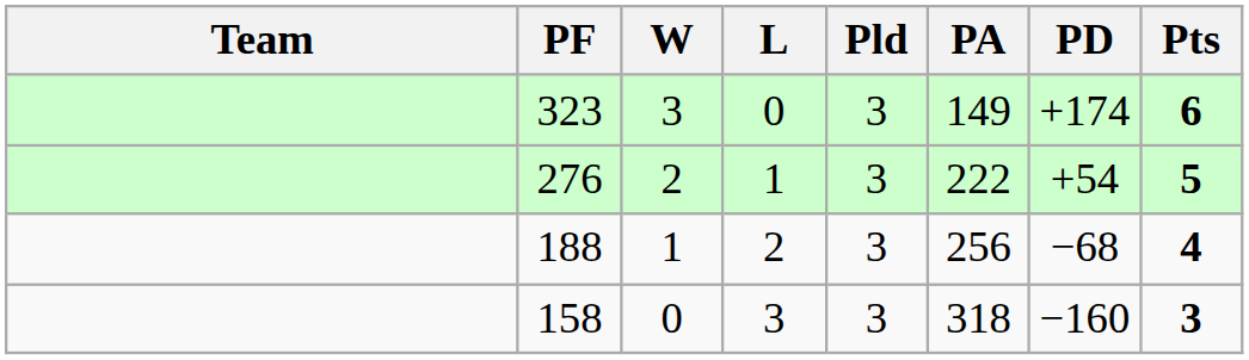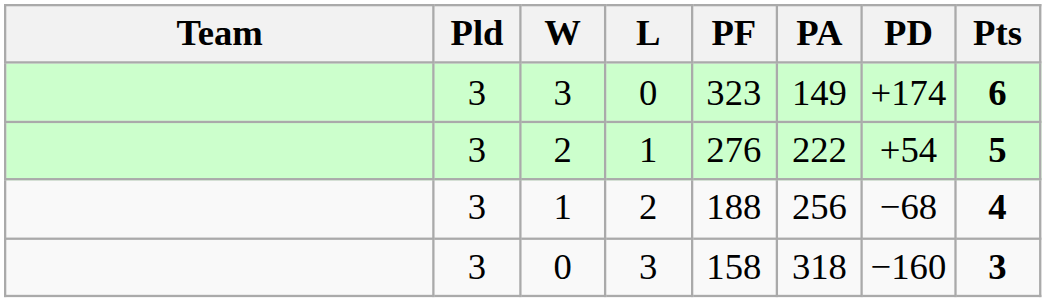 <table class="wikitable" style="text-align:center;">
 <tr>
 <th width=180>Team</th>
-<th width=30>PF</th>
+<th width=30>Pld</th>
 <th width=30>W</th>
 <th width=30>L</th>
-<th width=30>Pld</th>
+<th width=30>PF</th>
 <th width=30>PA</th>
 <th width=30>PD</th>
 <th width=30>Pts</th>
 </tr>
 <tr bgcolor="#ccffcc">
 <td align="left"></td>
-<td>323</td>
+<td>3</td>
 <td>3</td>
 <td>0</td>
-<td>3</td>
+<td>323</td>
 <td>149</td>
 <td>+174</td>
 <td><strong>6</strong></td>
 </tr>
 <tr bgcolor="#ccffcc">
 <td align="left"></td>
-<td>276</td>
+<td>3</td>
 <td>2</td>
 <td>1</td>
-<td>3</td>
+<td>276</td>
 <td>222</td>
 <td>+54</td>
 <td><strong>5</strong></td>
 </tr>
 <tr>
 <td align="left"></td>
-<td>188</td>
+<td>3</td>
 <td>1</td>
 <td>2</td>
-<td>3</td>
+<td>188</td>
 <td>256</td>
 <td>−68</td>
 <td><strong>4</strong></td>
 </tr>
 <tr>
 <td align="left"></td>
-<td>158</td>
+<td>3</td>
 <td>0</td>
 <td>3</td>
-<td>3</td>
+<td>158</td>
 <td>318</td>
 <td>−160</td>
 <td><strong>3</strong></td>
 </tr>
 </table>
